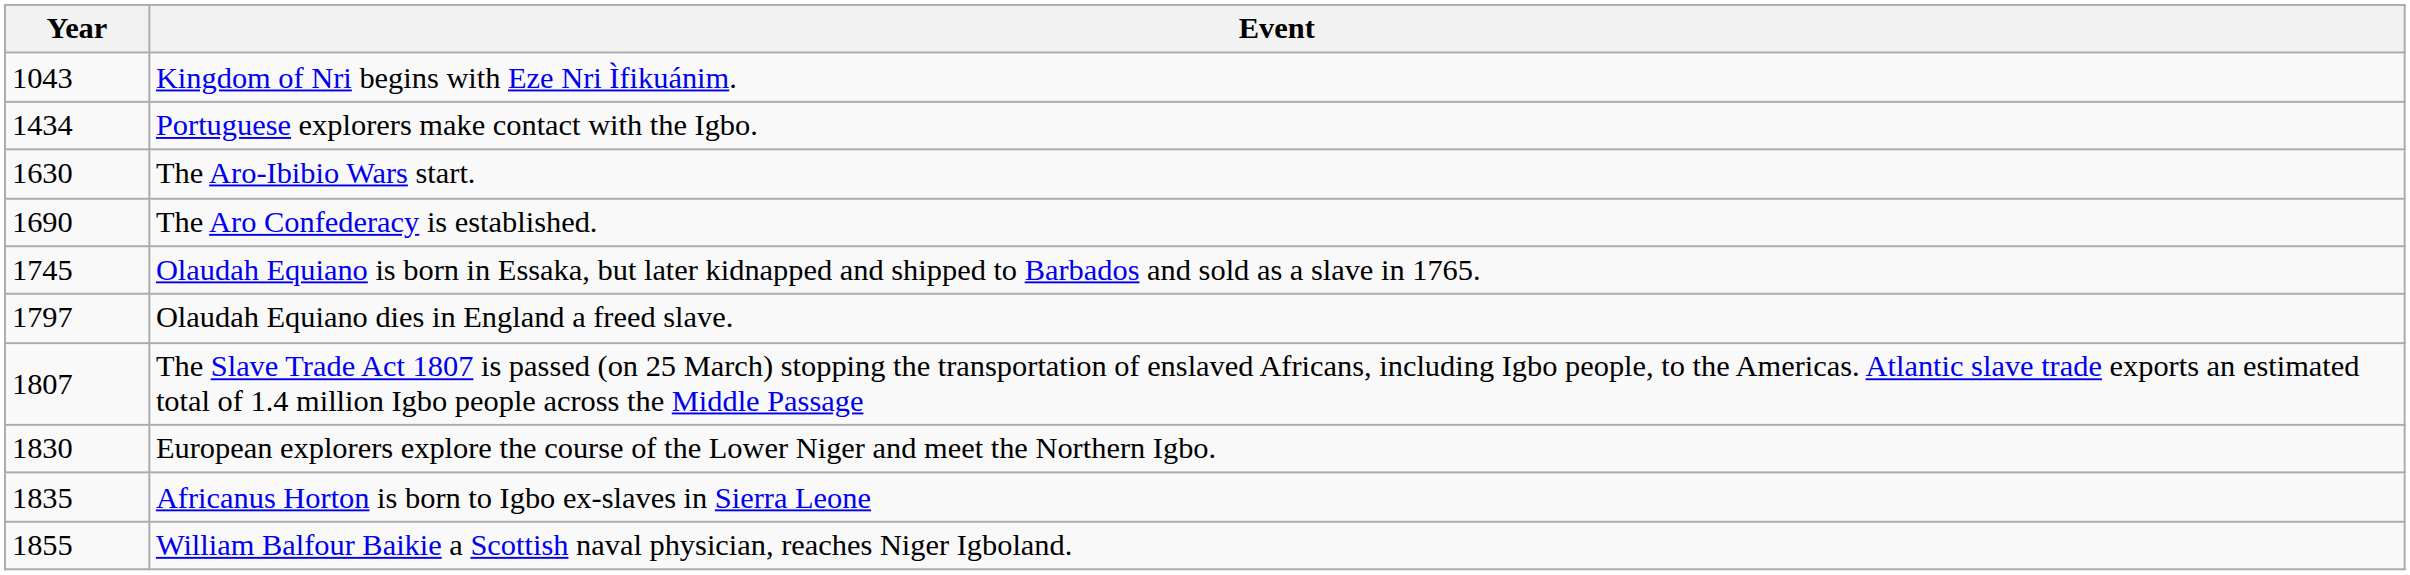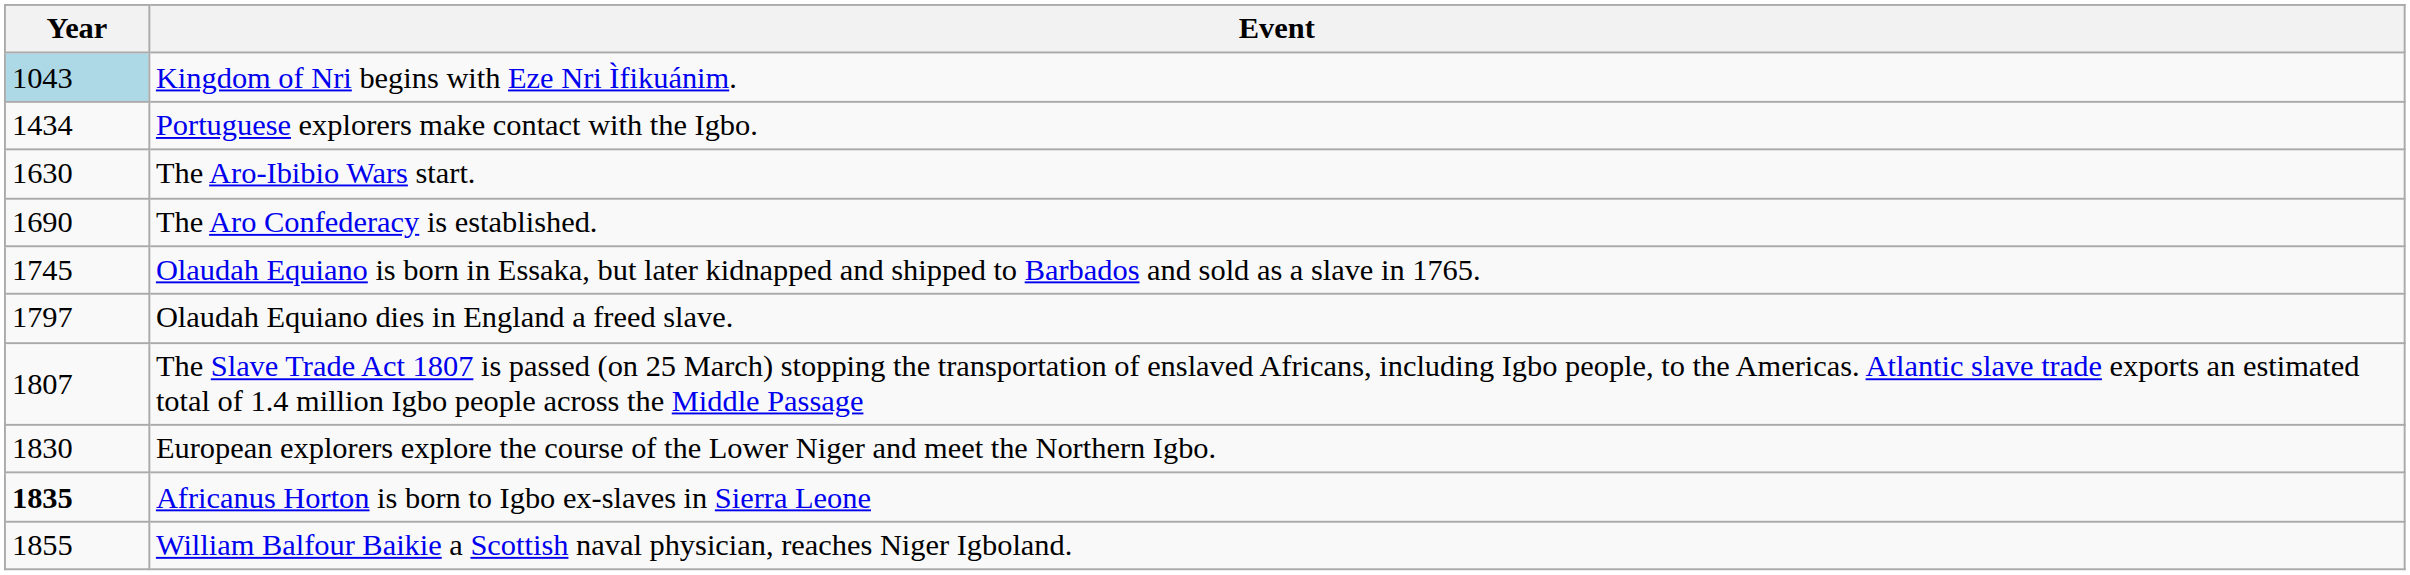 <table class="wikitable" style="width:100%;">
 <tr>
 <th style="width:6%">Year</th>
 <th>Event</th>
 </tr>
 <tr>
-<td>1043</td>
+<td style="background: lightblue;">1043</td>
 <td><a href='#'>Kingdom of Nri</a> begins with <a href='#'>Eze Nri Ìfikuánim</a>.</td>
 </tr>
 <tr>
 <td>1434</td>
 <td><a href='#'>Portuguese</a> explorers make contact with the Igbo.</td>
 </tr>
 <tr>
 <td>1630</td>
 <td>The <a href='#'>Aro-Ibibio Wars</a> start.</td>
 </tr>
 <tr>
 <td>1690</td>
 <td>The <a href='#'>Aro Confederacy</a> is established.</td>
 </tr>
 <tr>
 <td>1745</td>
 <td><a href='#'>Olaudah Equiano</a> is born in Essaka, but later kidnapped and shipped to <a href='#'>Barbados</a> and sold as a slave in 1765.</td>
 </tr>
 <tr>
 <td>1797</td>
 <td>Olaudah Equiano dies in England a freed slave.</td>
 </tr>
 <tr>
 <td>1807</td>
 <td>The <a href='#'>Slave Trade Act 1807</a> is passed (on 25 March) stopping the transportation of enslaved Africans, including Igbo people, to the Americas. <a href='#'>Atlantic slave trade</a> exports an estimated total of 1.4 million Igbo people across the <a href='#'>Middle Passage</a></td>
 </tr>
 <tr>
 <td>1830</td>
 <td>European explorers explore the course of the Lower Niger and meet the Northern Igbo.</td>
 </tr>
 <tr>
-<td>1835</td>
+<td><strong>1835</strong></td>
 <td><a href='#'>Africanus Horton</a> is born to Igbo ex-slaves in <a href='#'>Sierra Leone</a></td>
 </tr>
 <tr>
 <td>1855</td>
 <td><a href='#'>William Balfour Baikie</a> a <a href='#'>Scottish</a> naval physician, reaches Niger Igboland.</td>
 </tr>
 </table>
